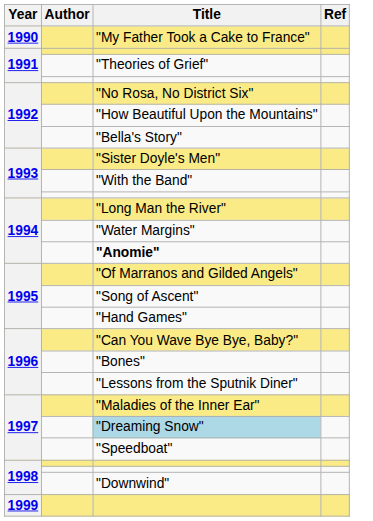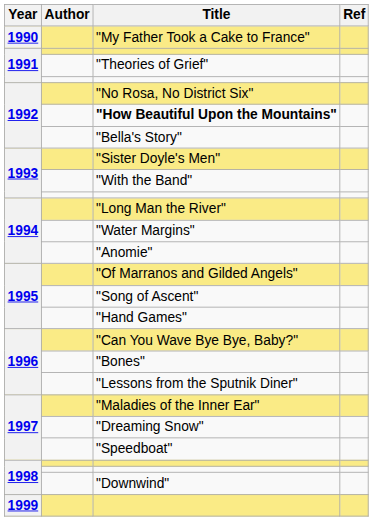 <table class="wikitable sortable mw-collapsible">
 <tr>
 <th>Year</th>
 <th>Author</th>
 <th>Title</th>
 <th>Ref</th>
 </tr>
 <tr style="background:#FAEB86">
 <th><a href='#'>1990</a></th>
 <td></td>
 <td>"My Father Took a Cake to France"</td>
 <td></td>
 </tr>
 <tr style="background:#FAEB86">
 <th rowspan="3"><a href='#'>1991</a></th>
 <td></td>
 <td></td>
 <td></td>
 </tr>
 <tr>
 <td></td>
 <td>"Theories of Grief"</td>
 <td></td>
 </tr>
 <tr>
 <td></td>
 <td></td>
 <td></td>
 </tr>
 <tr style="background:#FAEB86">
 <th rowspan="3"><a href='#'>1992</a></th>
 <td></td>
 <td>"No Rosa, No District Six"</td>
 <td></td>
 </tr>
 <tr>
 <td></td>
-<td>"How Beautiful Upon the Mountains"</td>
+<td><strong>"How Beautiful Upon the Mountains"</strong></td>
 <td></td>
 </tr>
 <tr>
 <td></td>
 <td>"Bella's Story"</td>
 <td></td>
 </tr>
 <tr style="background:#FAEB86">
 <th rowspan="3"><a href='#'>1993</a></th>
 <td></td>
 <td>"Sister Doyle's Men"</td>
 <td></td>
 </tr>
 <tr>
 <td></td>
 <td>"With the Band"</td>
 <td></td>
 </tr>
 <tr>
 <td></td>
 <td></td>
 <td></td>
 </tr>
 <tr style="background:#FAEB86">
 <th rowspan="3"><a href='#'>1994</a></th>
 <td></td>
 <td>"Long Man the River"</td>
 <td></td>
 </tr>
 <tr>
 <td></td>
 <td>"Water Margins"</td>
 <td></td>
 </tr>
 <tr>
 <td></td>
-<td><strong>"Anomie"</strong></td>
+<td>"Anomie"</td>
 <td></td>
 </tr>
 <tr style="background:#FAEB86">
 <th rowspan="3"><a href='#'>1995</a></th>
 <td></td>
 <td>"Of Marranos and Gilded Angels"</td>
 <td></td>
 </tr>
 <tr>
 <td></td>
 <td>"Song of Ascent"</td>
 <td></td>
 </tr>
 <tr>
 <td></td>
 <td>"Hand Games"</td>
 <td></td>
 </tr>
 <tr style="background:#FAEB86">
 <th rowspan="3"><a href='#'>1996</a></th>
 <td></td>
 <td>"Can You Wave Bye Bye, Baby?"</td>
 <td></td>
 </tr>
 <tr>
 <td></td>
 <td>"Bones"</td>
 <td></td>
 </tr>
 <tr>
 <td></td>
 <td>"Lessons from the Sputnik Diner"</td>
 <td></td>
 </tr>
 <tr style="background:#FAEB86">
 <th rowspan="3"><a href='#'>1997</a></th>
 <td></td>
 <td>"Maladies of the Inner Ear"</td>
 <td></td>
 </tr>
 <tr>
 <td></td>
-<td style="background: lightblue;">"Dreaming Snow"</td>
+<td>"Dreaming Snow"</td>
 <td></td>
 </tr>
 <tr>
 <td></td>
 <td>"Speedboat"</td>
 <td></td>
 </tr>
 <tr style="background:#FAEB86">
 <th rowspan="3"><a href='#'>1998</a></th>
 <td></td>
 <td></td>
 <td></td>
 </tr>
 <tr>
 <td></td>
 <td></td>
 <td></td>
 </tr>
 <tr>
 <td></td>
 <td>"Downwind"</td>
 <td></td>
 </tr>
 <tr style="background:#FAEB86">
 <th><a href='#'>1999</a></th>
 <td></td>
 <td></td>
 <td></td>
 </tr>
 </table>
